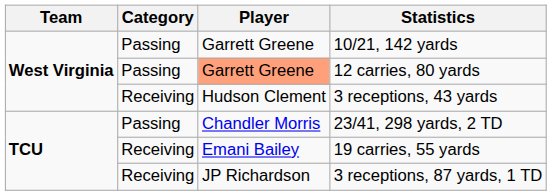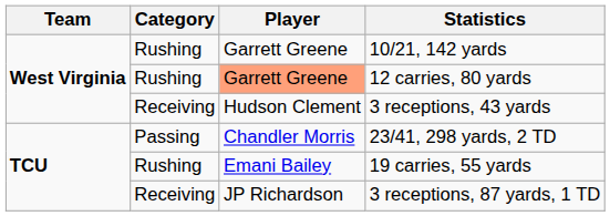 <table class="wikitable" style="float: right;">
 <tr>
 <th>Team</th>
 <th>Category</th>
 <th>Player</th>
 <th>Statistics</th>
 </tr>
 <tr>
 <td rowspan=3><strong>West Virginia</strong></td>
-<td>Passing</td>
+<td>Rushing</td>
 <td>Garrett Greene</td>
 <td>10/21, 142 yards</td>
 </tr>
 <tr>
-<td>Passing</td>
+<td>Rushing</td>
 <td style="background: lightsalmon;">Garrett Greene</td>
 <td>12 carries, 80 yards</td>
 </tr>
 <tr>
 <td>Receiving</td>
 <td>Hudson Clement</td>
 <td>3 receptions, 43 yards</td>
 </tr>
 <tr>
 <td rowspan=3><strong>TCU</strong></td>
 <td>Passing</td>
 <td><a href='#'>Chandler Morris</a></td>
 <td>23/41, 298 yards, 2 TD</td>
 </tr>
 <tr>
-<td>Receiving</td>
+<td>Rushing</td>
 <td><a href='#'>Emani Bailey</a></td>
 <td>19 carries, 55 yards</td>
 </tr>
 <tr>
 <td>Receiving</td>
 <td>JP Richardson</td>
 <td>3 receptions, 87 yards, 1 TD</td>
 </tr>
 </table>
